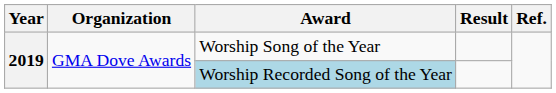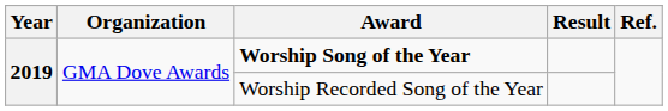 <table class="wikitable plainrowheaders">
 <tr>
 <th>Year</th>
 <th>Organization</th>
 <th>Award</th>
 <th>Result</th>
 <th>Ref.</th>
 </tr>
 <tr>
 <th scope="row" rowspan="3">2019</th>
 <td rowspan="3"><a href='#'>GMA Dove Awards</a></td>
-<td>Worship Song of the Year</td>
+<td><strong>Worship Song of the Year</strong></td>
 <td></td>
 <td rowspan="2"></td>
 </tr>
 <tr>
-<td style="background: lightblue;">Worship Recorded Song of the Year</td>
+<td>Worship Recorded Song of the Year</td>
 <td></td>
 </tr>
 </table>
